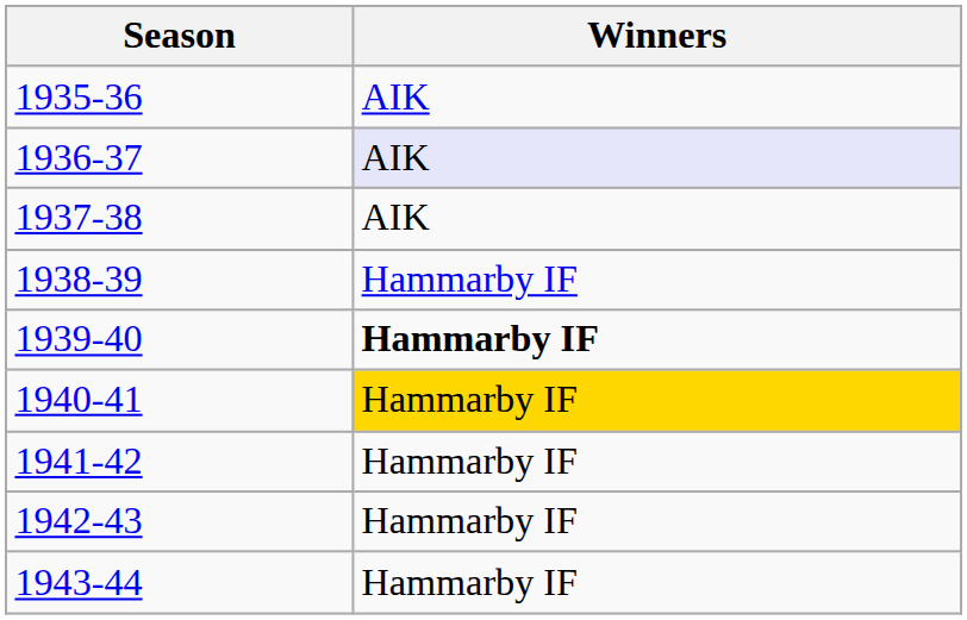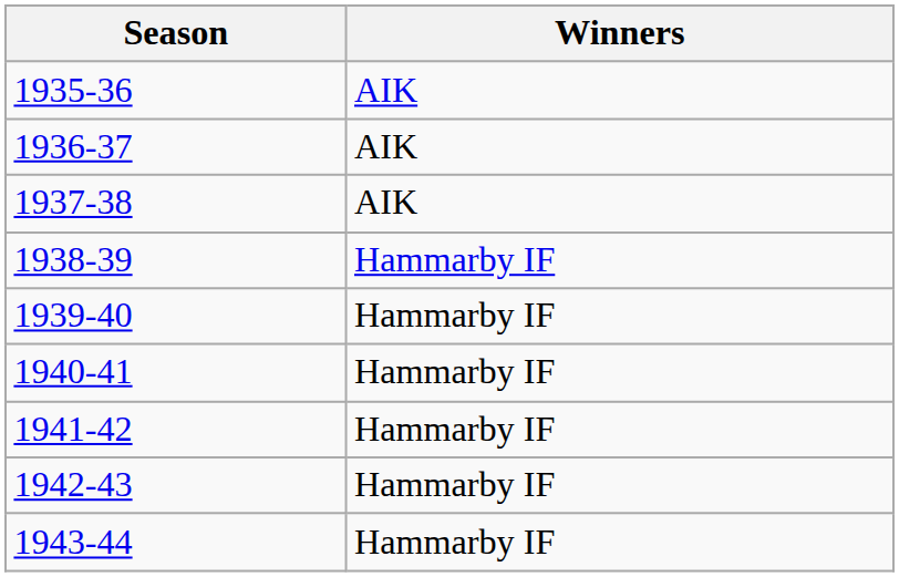 <table class="wikitable sortable" style="width:400px;">
 <tr>
 <th>Season</th>
 <th>Winners</th>
 </tr>
 <tr>
 <td><a href='#'>1935-36</a></td>
 <td><a href='#'>AIK</a></td>
 </tr>
 <tr>
 <td><a href='#'>1936-37</a></td>
-<td style="background: lavender;">AIK</td>
+<td>AIK</td>
 </tr>
 <tr>
 <td><a href='#'>1937-38</a></td>
 <td>AIK</td>
 </tr>
 <tr>
 <td><a href='#'>1938-39</a></td>
 <td><a href='#'>Hammarby IF</a></td>
 </tr>
 <tr>
 <td><a href='#'>1939-40</a></td>
-<td><strong>Hammarby IF</strong></td>
+<td>Hammarby IF</td>
 </tr>
 <tr>
 <td><a href='#'>1940-41</a></td>
-<td style="background: gold;">Hammarby IF</td>
+<td>Hammarby IF</td>
 </tr>
 <tr>
 <td><a href='#'>1941-42</a></td>
 <td>Hammarby IF</td>
 </tr>
 <tr>
 <td><a href='#'>1942-43</a></td>
 <td>Hammarby IF</td>
 </tr>
 <tr>
 <td><a href='#'>1943-44</a></td>
 <td>Hammarby IF</td>
 </tr>
 </table>
